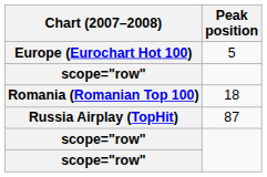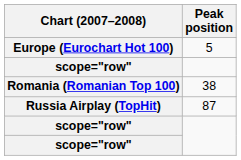 <table class="wikitable sortable plainrowheaders" style="text-align:center">
 <tr>
 <th scope="col">Chart (2007–2008)</th>
 <th scope="col">Peak<br>position</th>
 </tr>
 <tr>
 <th scope="row">Europe (<a href='#'>Eurochart Hot 100</a>)</th>
 <td>5</td>
 </tr>
 <tr>
 <th>scope="row" </th>
 </tr>
 <tr>
 <th scope="row">Romania (<a href='#'>Romanian Top 100</a>)</th>
-<td>18</td>
+<td>38</td>
 </tr>
 <tr>
 <th scope="row">Russia Airplay (<a href='#'>TopHit</a>)</th>
 <td>87</td>
 </tr>
 <tr>
 <th>scope="row" </th>
 </tr>
 <tr>
 <th>scope="row" </th>
 </tr>
 </table>
